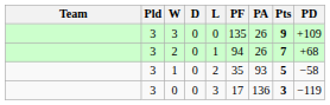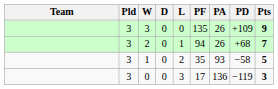 <table class="wikitable" style="text-align:center;">
 <tr>
 <th width=175>Team</th>
 <th style="width:20px;" abbr="Played">Pld</th>
 <th style="width:20px;" abbr="Won">W</th>
 <th style="width:20px;" abbr="Drawn">D</th>
 <th style="width:20px;" abbr="Lost">L</th>
 <th style="width:20px;" abbr="Points for">PF</th>
 <th style="width:20px;" abbr="Points against">PA</th>
+<th style="width:25px;" abbr="Points difference">PD</th>
 <th style="width:20px;" abbr="Points">Pts</th>
-<th style="width:25px;" abbr="Points difference">PD</th>
 </tr>
 <tr style="background:#cfc;">
 <td align=left></td>
 <td>3</td>
 <td>3</td>
 <td>0</td>
 <td>0</td>
 <td>135</td>
 <td>26</td>
+<td>+109</td>
 <td><strong>9</strong></td>
-<td>+109</td>
 </tr>
 <tr style="background:#cfc;">
 <td align=left></td>
 <td>3</td>
 <td>2</td>
 <td>0</td>
 <td>1</td>
 <td>94</td>
 <td>26</td>
+<td>+68</td>
 <td><strong>7</strong></td>
-<td>+68</td>
 </tr>
 <tr>
 <td align=left></td>
 <td>3</td>
 <td>1</td>
 <td>0</td>
 <td>2</td>
 <td>35</td>
 <td>93</td>
+<td>−58</td>
 <td><strong>5</strong></td>
-<td>−58</td>
 </tr>
 <tr>
 <td align=left></td>
 <td>3</td>
 <td>0</td>
 <td>0</td>
 <td>3</td>
 <td>17</td>
 <td>136</td>
+<td>−119</td>
 <td><strong>3</strong></td>
-<td>−119</td>
 </tr>
 </table>
